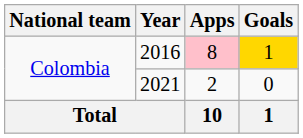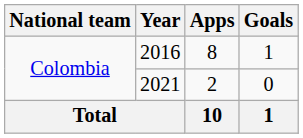 <table class="wikitable" style="text-align: center;">
 <tr>
 <th>National team</th>
 <th>Year</th>
 <th>Apps</th>
 <th>Goals</th>
 </tr>
 <tr>
 <td rowspan="2"><a href='#'>Colombia</a></td>
 <td>2016</td>
-<td style="background: pink;">8</td>
-<td style="background: gold;">1</td>
+<td>8</td>
+<td>1</td>
 </tr>
 <tr>
 <td>2021</td>
 <td>2</td>
 <td>0</td>
 </tr>
 <tr>
 <th colspan="2">Total</th>
 <th>10</th>
 <th>1</th>
 </tr>
 </table>
